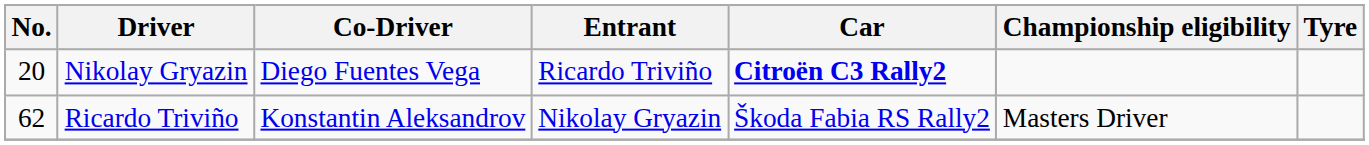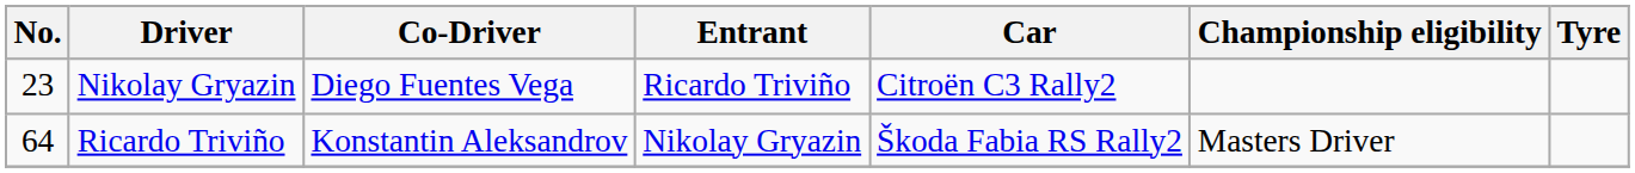 <table class="wikitable" style="font-size: 85%;">
 <tr>
 <th>No.</th>
 <th>Driver</th>
 <th>Co-Driver</th>
 <th>Entrant</th>
 <th>Car</th>
 <th>Championship eligibility</th>
 <th>Tyre</th>
 </tr>
 <tr>
-<td align="center">20</td>
+<td align="center">23</td>
 <td> <a href='#'>Nikolay Gryazin</a></td>
 <td> <a href='#'>Diego Fuentes Vega</a></td>
 <td> <a href='#'>Ricardo Triviño</a></td>
-<td><strong><a href='#'>Citroën C3 Rally2</a></strong></td>
+<td><a href='#'>Citroën C3 Rally2</a></td>
 <td></td>
 <td align="center"></td>
 </tr>
 <tr>
-<td align="center">62</td>
+<td align="center">64</td>
 <td> <a href='#'>Ricardo Triviño</a></td>
 <td> <a href='#'>Konstantin Aleksandrov</a></td>
 <td> <a href='#'>Nikolay Gryazin</a></td>
 <td><a href='#'>Škoda Fabia RS Rally2</a></td>
 <td>Masters Driver</td>
 <td align="center"></td>
 </tr>
 <tr>
 </tr>
 </table>
